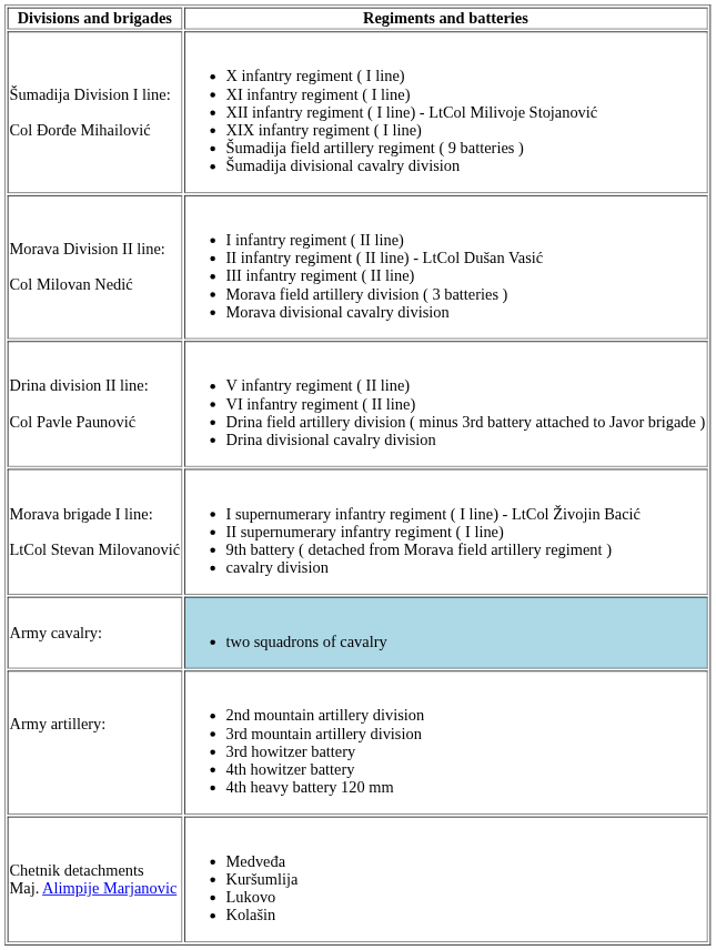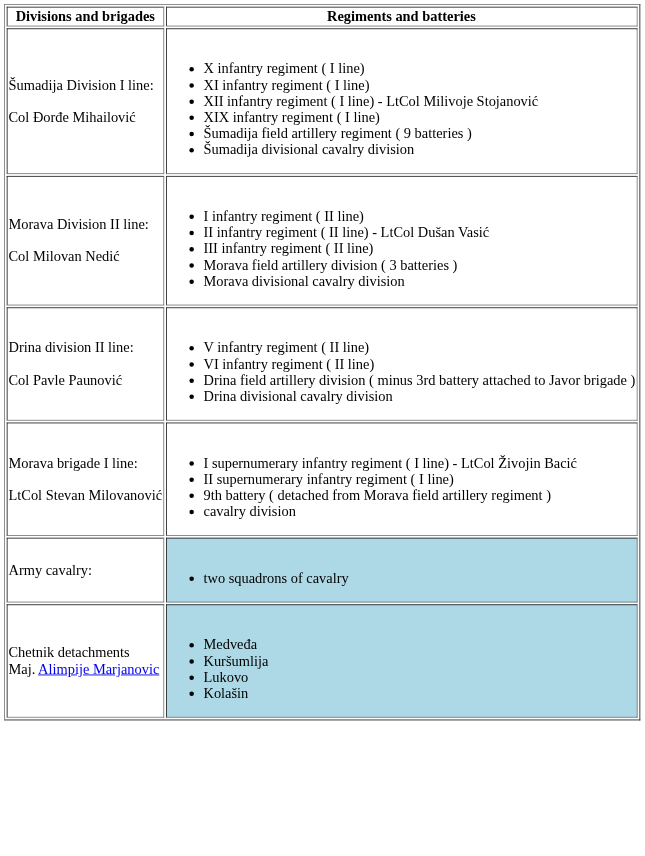 <table border=1>
 <tr>
 <th><strong>Divisions and brigades</strong></th>
 <th><strong>Regiments and batteries</strong></th>
 </tr>
 <tr>
 <td>Šumadija Division I line:<br><br>Col Đorđe Mihailović</td>
 <td><br><ul><li>X infantry regiment ( I line)</li><li>XI infantry regiment ( I line)</li><li>XII infantry regiment ( I line) - LtCol Milivoje Stojanović</li><li>XIX infantry regiment ( I line)</li><li>Šumadija field artillery regiment ( 9 batteries )</li><li>Šumadija divisional cavalry division</li></ul></td>
 </tr>
 <tr>
 <td>Morava Division II line:<br><br>Col Milovan Nedić</td>
 <td><br><ul><li>I infantry regiment ( II line)</li><li>II infantry regiment ( II line) - LtCol Dušan Vasić</li><li>III infantry regiment ( II line)</li><li>Morava field artillery division ( 3 batteries )</li><li>Morava divisional cavalry division</li></ul></td>
 </tr>
 <tr>
 <td>Drina division II line:<br><br>Col Pavle Paunović</td>
 <td><br><ul><li>V infantry regiment ( II line)</li><li>VI infantry regiment ( II line)</li><li>Drina field artillery division ( minus 3rd battery attached to Javor brigade )</li><li>Drina divisional cavalry division</li></ul></td>
 </tr>
 <tr>
 <td>Morava brigade I line:<br><br>LtCol Stevan Milovanović</td>
 <td><br><ul><li>I supernumerary infantry regiment ( I line) - LtCol Živojin Bacić</li><li>II supernumerary infantry regiment ( I line)</li><li>9th battery ( detached from Morava field artillery regiment )</li><li>cavalry division</li></ul></td>
 </tr>
 <tr>
 <td><br>Army cavalry: <br>  </td>
 <td style="background: lightblue;"><br><ul><li>two squadrons of cavalry</li></ul></td>
 </tr>
 <tr>
-<td>Army artillery:<br><br>  </td>
-<td><br><ul><li>2nd mountain artillery division</li><li>3rd mountain artillery division</li><li>3rd howitzer battery</li><li>4th howitzer battery</li><li>4th heavy battery 120 mm</li></ul></td>
-</tr>
-<tr>
 <td>Chetnik detachments<br>Maj. <a href='#'>Alimpije Marjanovic</a></td>
-<td><br><ul><li>Medveđa</li><li>Kuršumlija</li><li>Lukovo</li><li>Kolašin</li></ul></td>
+<td style="background: lightblue;"><br><ul><li>Medveđa</li><li>Kuršumlija</li><li>Lukovo</li><li>Kolašin</li></ul></td>
 </tr>
 </table>
